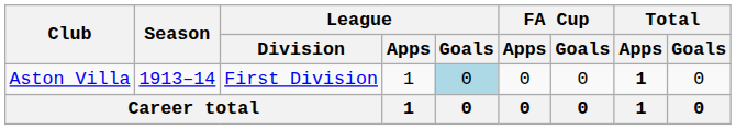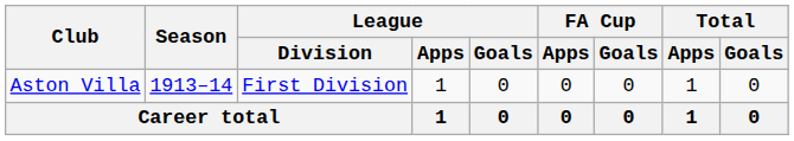 <table class="wikitable" style="text-align: center;">
 <tr>
 <th rowspan="2">Club</th>
 <th rowspan="2">Season</th>
 <th colspan="3">League</th>
 <th colspan="2">FA Cup</th>
 <th colspan="2">Total</th>
 </tr>
 <tr>
 <th>Division</th>
 <th>Apps</th>
 <th>Goals</th>
 <th>Apps</th>
 <th>Goals</th>
 <th>Apps</th>
 <th>Goals</th>
 </tr>
 <tr>
 <td><a href='#'>Aston Villa</a></td>
 <td><a href='#'>1913–14</a></td>
 <td><a href='#'>First Division</a></td>
 <td>1</td>
-<td style="background: lightblue;">0</td>
 <td>0</td>
 <td>0</td>
-<td><strong>1</strong></td>
+<td>0</td>
+<td>1</td>
 <td>0</td>
 </tr>
 <tr>
 <th colspan="3">Career total</th>
 <th>1</th>
 <th>0</th>
 <th>0</th>
 <th>0</th>
 <th>1</th>
 <th>0</th>
 </tr>
 </table>
